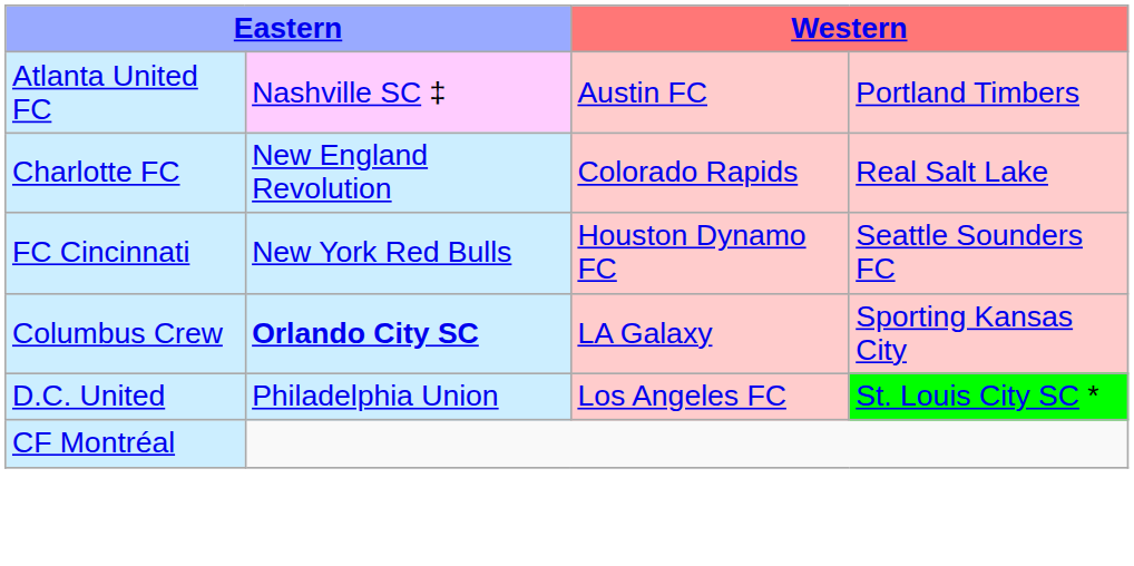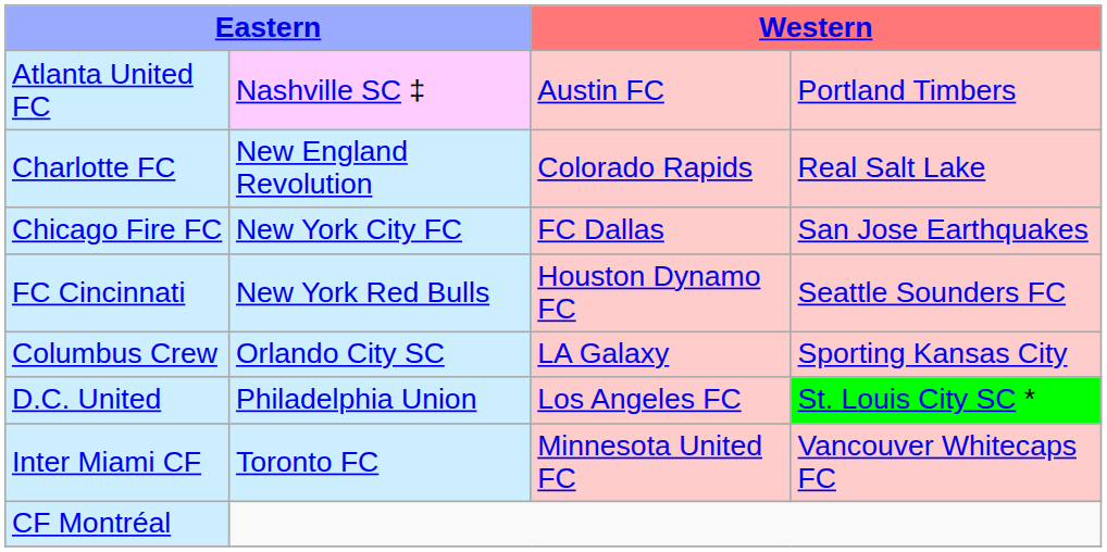 <table class="wikitable">
 <tr>
 <th colspan=2 style="background-color: #9AF;"><a href='#'>Eastern</a></th>
 <th colspan=2 style="background-color: #F77;"><a href='#'>Western</a></th>
 </tr>
 <tr>
 <td style="background-color: #CEF;"><a href='#'>Atlanta United FC</a></td>
 <td style="background-color: #FCF;"><a href='#'>Nashville SC</a> ‡</td>
 <td style="background-color: #FCC;"><a href='#'>Austin FC</a></td>
 <td style="background-color: #FCC;"><a href='#'>Portland Timbers</a></td>
 </tr>
 <tr>
 <td style="background-color: #CEF;"><a href='#'>Charlotte FC</a></td>
 <td style="background-color: #CEF;"><a href='#'>New England Revolution</a></td>
 <td style="background-color: #FCC;"><a href='#'>Colorado Rapids</a></td>
 <td style="background-color: #FCC;"><a href='#'>Real Salt Lake</a></td>
 </tr>
 <tr>
+<td style="background-color: #CEF;"><a href='#'>Chicago Fire FC</a></td>
+<td style="background-color: #CEF;"><a href='#'>New York City FC</a></td>
+<td style="background-color: #FCC;"><a href='#'>FC Dallas</a></td>
+<td style="background-color: #FCC;"><a href='#'>San Jose Earthquakes</a></td>
+</tr>
+<tr>
 <td style="background-color: #CEF;"><a href='#'>FC Cincinnati</a></td>
 <td style="background-color: #CEF;"><a href='#'>New York Red Bulls</a></td>
 <td style="background-color: #FCC;"><a href='#'>Houston Dynamo FC</a></td>
 <td style="background-color: #FCC;"><a href='#'>Seattle Sounders FC</a></td>
 </tr>
 <tr>
 <td style="background-color: #CEF;"><a href='#'>Columbus Crew</a></td>
-<td style="background-color: #CEF;"><strong><a href='#'>Orlando City SC</a></strong></td>
+<td style="background-color: #CEF;"><a href='#'>Orlando City SC</a></td>
 <td style="background-color: #FCC;"><a href='#'>LA Galaxy</a></td>
 <td style="background-color: #FCC;"><a href='#'>Sporting Kansas City</a></td>
 </tr>
 <tr>
 <td style="background-color: #CEF;"><a href='#'>D.C. United</a></td>
 <td style="background-color: #CEF;"><a href='#'>Philadelphia Union</a></td>
 <td style="background-color: #FCC;"><a href='#'>Los Angeles FC</a></td>
 <td style="background-color: #0F0;"><a href='#'>St. Louis City SC</a> *</td>
 </tr>
 <tr>
+<td style="background-color: #CEF;"><a href='#'>Inter Miami CF</a></td>
+<td style="background-color: #CEF;"><a href='#'>Toronto FC</a></td>
+<td style="background-color: #FCC;"><a href='#'>Minnesota United FC</a></td>
+<td style="background-color: #FCC;"><a href='#'>Vancouver Whitecaps FC</a></td>
+</tr>
+<tr>
 <td style="background-color: #CEF;"><a href='#'>CF Montréal</a></td>
 </tr>
 </table>
